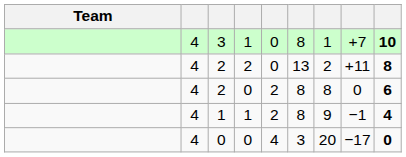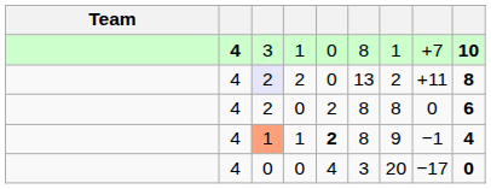 <table class="wikitable" style="text-align:center;">
 <tr>
 <th width="175">Team</th>
 <th width="20"></th>
 <th width="20"></th>
 <th width="20"></th>
 <th width="20"></th>
 <th width="20"></th>
 <th width="20"></th>
 <th width="20"></th>
 <th width="20"></th>
 </tr>
 <tr bgcolor=ccffcc>
 <td align=left></td>
-<td>4</td>
+<td><strong>4</strong></td>
 <td>3</td>
 <td>1</td>
 <td>0</td>
 <td>8</td>
 <td>1</td>
 <td>+7</td>
 <td><strong>10</strong></td>
 </tr>
 <tr>
 <td align=left></td>
 <td>4</td>
-<td>2</td>
+<td style="background: lavender;">2</td>
 <td>2</td>
 <td>0</td>
 <td>13</td>
 <td>2</td>
 <td>+11</td>
 <td><strong>8</strong></td>
 </tr>
 <tr>
 <td align=left></td>
 <td>4</td>
 <td>2</td>
 <td>0</td>
 <td>2</td>
 <td>8</td>
 <td>8</td>
 <td>0</td>
 <td><strong>6</strong></td>
 </tr>
 <tr>
 <td align=left></td>
 <td>4</td>
+<td style="background: lightsalmon;">1</td>
 <td>1</td>
-<td>1</td>
-<td>2</td>
+<td><strong>2</strong></td>
 <td>8</td>
 <td>9</td>
 <td>−1</td>
 <td><strong>4</strong></td>
 </tr>
 <tr>
 <td align=left></td>
 <td>4</td>
 <td>0</td>
 <td>0</td>
 <td>4</td>
 <td>3</td>
 <td>20</td>
 <td>−17</td>
 <td><strong>0</strong></td>
 </tr>
 </table>
